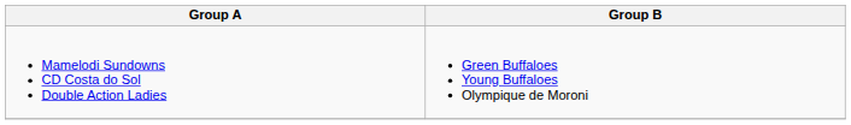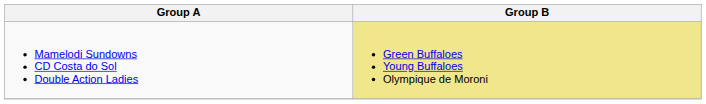 <table class="wikitable" style="width:80%;">
 <tr>
 <th width=25%>Group A</th>
 <th width=25%>Group B</th>
 </tr>
 <tr>
 <td><br><ul><li> <a href='#'>Mamelodi Sundowns</a></li><li> <a href='#'>CD Costa do Sol</a></li><li> <a href='#'>Double Action Ladies</a></li></ul></td>
-<td><br><ul><li> <a href='#'>Green Buffaloes</a></li><li> <a href='#'>Young Buffaloes</a></li><li> Olympique de Moroni</li></ul></td>
+<td style="background: khaki;"><br><ul><li> <a href='#'>Green Buffaloes</a></li><li> <a href='#'>Young Buffaloes</a></li><li> Olympique de Moroni</li></ul></td>
 </tr>
 <tr>
 </tr>
 </table>
